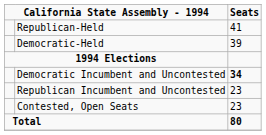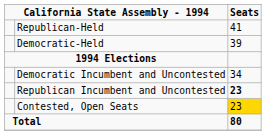 <table class="wikitable">
 <tr>
 <td colspan="2" rowspan="1" align="center" valign="top"><strong>California State Assembly - 1994</strong></td>
 <td valign="top"><strong>Seats</strong><br></td>
 </tr>
 <tr>
 <td style="background-color:"> </td>
 <td>Republican-Held</td>
 <td>41</td>
 </tr>
 <tr>
 <td style="background-color:"> </td>
 <td>Democratic-Held</td>
 <td>39</td>
 </tr>
 <tr>
 <td colspan="2" rowspan="1" align="center"><strong>1994 Elections</strong></td>
 </tr>
 <tr>
 <td style="background-color:"> </td>
 <td>Democratic Incumbent and Uncontested</td>
-<td><strong>34</strong></td>
+<td>34</td>
 </tr>
 <tr>
 <td style="background-color:"> </td>
 <td>Republican Incumbent and Uncontested</td>
-<td>23</td>
+<td><strong>23</strong></td>
 </tr>
 <tr>
 <td style="background-color:"> </td>
 <td>Contested, Open Seats</td>
-<td>23</td>
+<td style="background: gold;">23</td>
 </tr>
 <tr>
 <td colspan="2" rowspan="1"> <strong>Total</strong><br></td>
 <td><strong>80</strong></td>
 </tr>
 <tr>
 </tr>
 </table>
